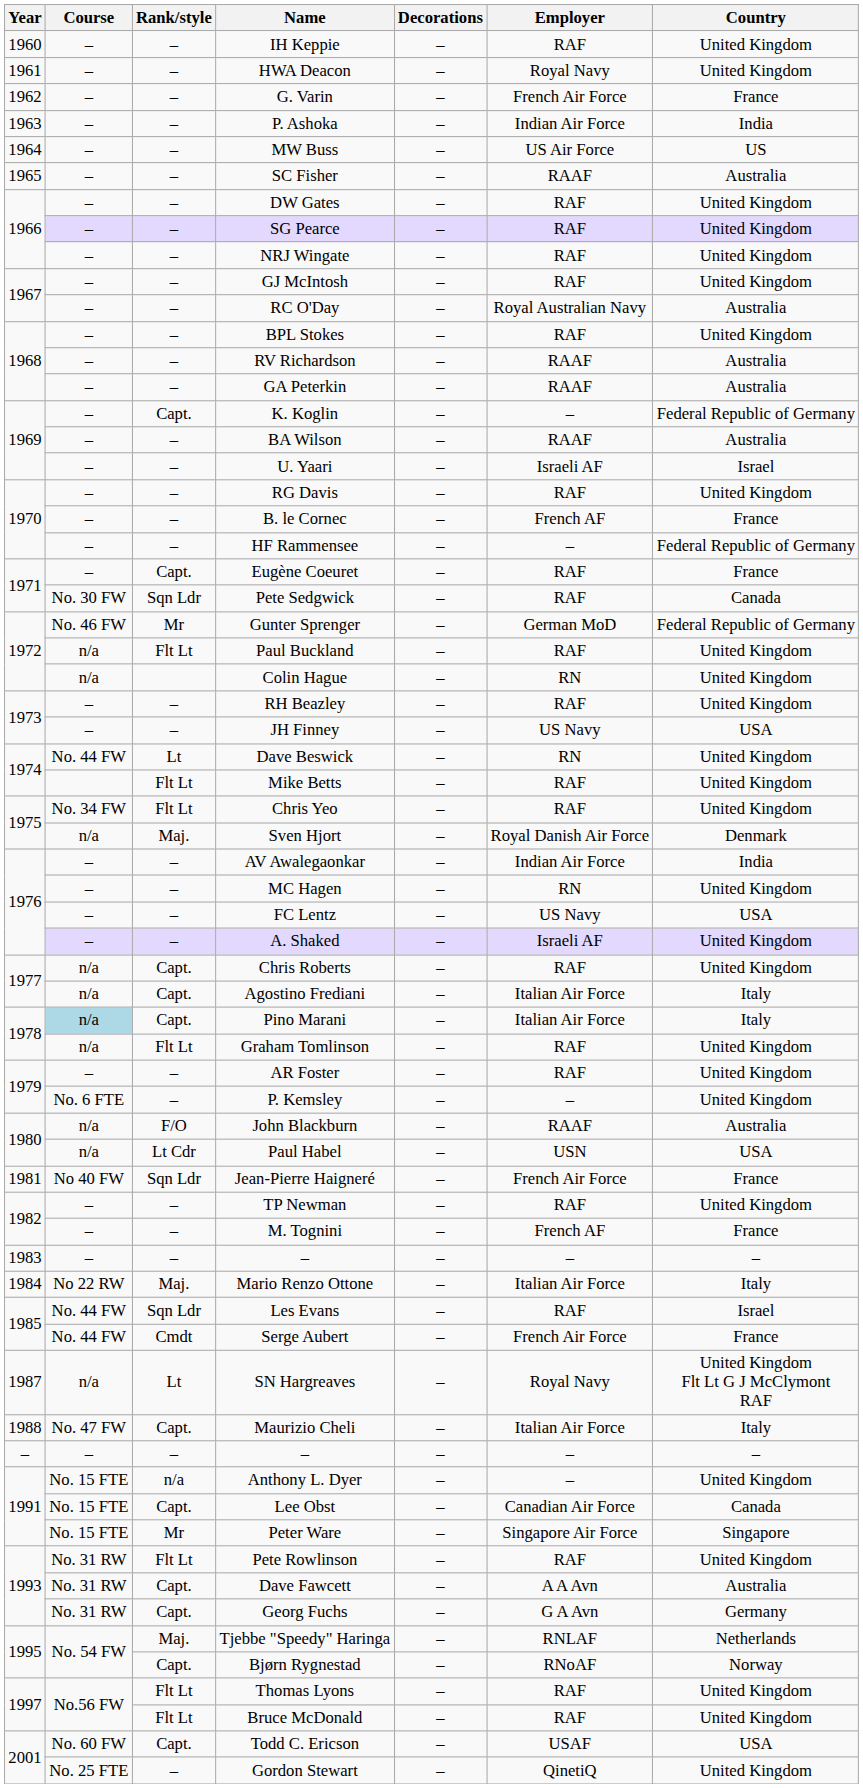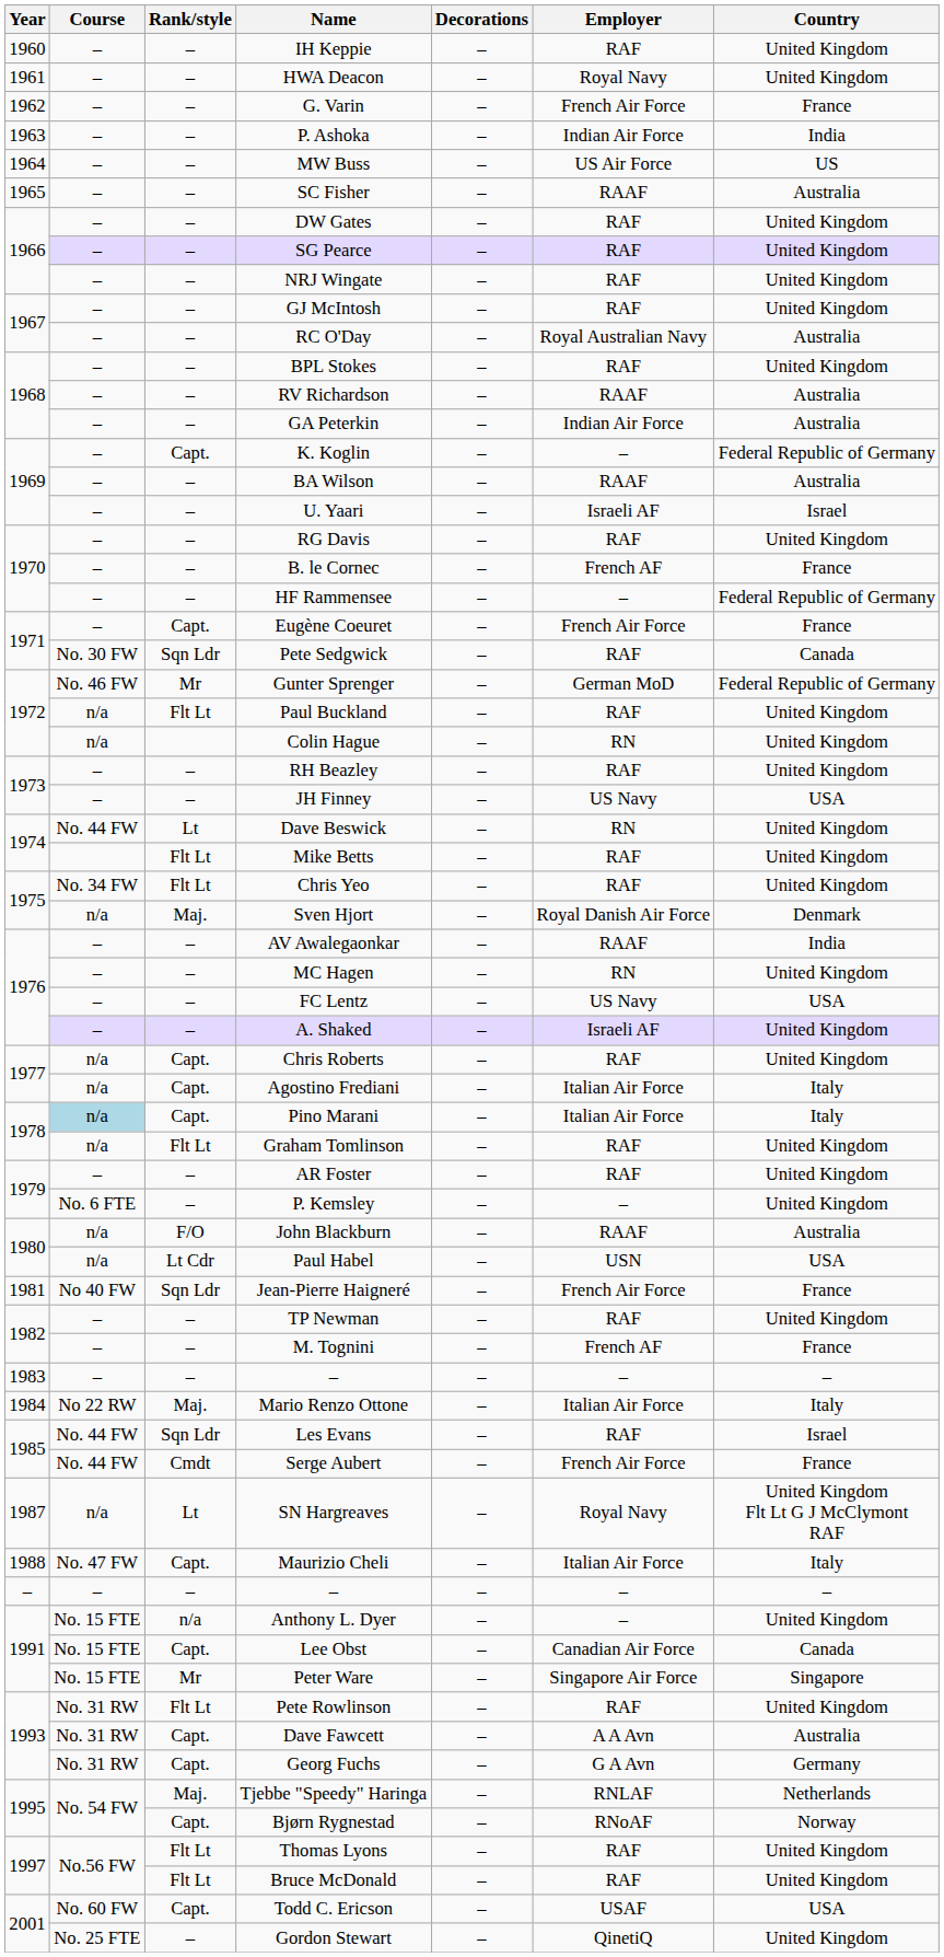 <table class="wikitable collapsible collapsed" style="text-align:center;">
 <tr>
 <th>Year</th>
 <th>Course</th>
 <th>Rank/style</th>
 <th>Name</th>
 <th>Decorations</th>
 <th>Employer</th>
 <th>Country</th>
 </tr>
 <tr>
 <td>1960</td>
 <td>–</td>
 <td>–</td>
 <td>IH Keppie</td>
 <td>–</td>
 <td>RAF</td>
 <td>United Kingdom</td>
 </tr>
 <tr>
 <td>1961</td>
 <td>–</td>
 <td>–</td>
 <td>HWA Deacon</td>
 <td>–</td>
 <td>Royal Navy</td>
 <td>United Kingdom</td>
 </tr>
 <tr>
 <td>1962</td>
 <td>–</td>
 <td>–</td>
 <td>G. Varin</td>
 <td>–</td>
 <td>French Air Force</td>
 <td>France</td>
 </tr>
 <tr>
 <td>1963</td>
 <td>–</td>
 <td>–</td>
 <td>P. Ashoka</td>
 <td>–</td>
 <td>Indian Air Force</td>
 <td>India</td>
 </tr>
 <tr>
 <td>1964</td>
 <td>–</td>
 <td>–</td>
 <td>MW Buss</td>
 <td>–</td>
 <td>US Air Force</td>
 <td>US</td>
 </tr>
 <tr>
 <td>1965</td>
 <td>–</td>
 <td>–</td>
 <td>SC Fisher</td>
 <td>–</td>
 <td>RAAF</td>
 <td>Australia</td>
 </tr>
 <tr>
 <td rowspan=3>1966</td>
 <td>–</td>
 <td>–</td>
 <td>DW Gates</td>
 <td>–</td>
 <td>RAF</td>
 <td>United Kingdom</td>
 </tr>
 <tr style="background-color:#e3d9ff;">
 <td>–</td>
 <td>–</td>
 <td>SG Pearce</td>
 <td>–</td>
 <td>RAF</td>
 <td>United Kingdom</td>
 </tr>
 <tr>
 <td>–</td>
 <td>–</td>
 <td>NRJ Wingate</td>
 <td>–</td>
 <td>RAF</td>
 <td>United Kingdom</td>
 </tr>
 <tr>
 <td rowspan=2>1967</td>
 <td>–</td>
 <td>–</td>
 <td>GJ McIntosh</td>
 <td>–</td>
 <td>RAF</td>
 <td>United Kingdom</td>
 </tr>
 <tr>
 <td>–</td>
 <td>–</td>
 <td>RC O'Day</td>
 <td>–</td>
 <td>Royal Australian Navy</td>
 <td>Australia</td>
 </tr>
 <tr>
 <td rowspan=3>1968</td>
 <td>–</td>
 <td>–</td>
 <td>BPL Stokes</td>
 <td>–</td>
 <td>RAF</td>
 <td>United Kingdom</td>
 </tr>
 <tr>
 <td>–</td>
 <td>–</td>
 <td>RV Richardson</td>
 <td>–</td>
 <td>RAAF</td>
 <td>Australia</td>
 </tr>
 <tr>
 <td>–</td>
 <td>–</td>
 <td>GA Peterkin</td>
 <td>–</td>
-<td>RAAF</td>
+<td>Indian Air Force</td>
 <td>Australia</td>
 </tr>
 <tr>
 <td rowspan=3>1969</td>
 <td>–</td>
 <td>Capt.</td>
 <td>K. Koglin</td>
 <td>–</td>
 <td>–</td>
 <td>Federal Republic of Germany</td>
 </tr>
 <tr>
 <td>–</td>
 <td>–</td>
 <td>BA Wilson</td>
 <td>–</td>
 <td>RAAF</td>
 <td>Australia</td>
 </tr>
 <tr>
 <td>–</td>
 <td>–</td>
 <td>U. Yaari</td>
 <td>–</td>
 <td>Israeli AF</td>
 <td>Israel</td>
 </tr>
 <tr>
 <td rowspan=3>1970</td>
 <td>–</td>
 <td>–</td>
 <td>RG Davis</td>
 <td>–</td>
 <td>RAF</td>
 <td>United Kingdom</td>
 </tr>
 <tr>
 <td>–</td>
 <td>–</td>
 <td>B. le Cornec</td>
 <td>–</td>
 <td>French AF</td>
 <td>France</td>
 </tr>
 <tr>
 <td>–</td>
 <td>–</td>
 <td>HF Rammensee</td>
 <td>–</td>
 <td>–</td>
 <td>Federal Republic of Germany</td>
 </tr>
 <tr>
 <td rowspan=2>1971</td>
 <td>–</td>
 <td>Capt.</td>
 <td>Eugène Coeuret</td>
 <td>–</td>
-<td>RAF</td>
+<td>French Air Force</td>
 <td>France</td>
 </tr>
 <tr>
 <td>No. 30 FW</td>
 <td>Sqn Ldr</td>
 <td>Pete Sedgwick </td>
 <td>–</td>
 <td>RAF</td>
 <td>Canada</td>
 </tr>
 <tr>
 <td rowspan=3>1972</td>
 <td>No. 46 FW</td>
 <td>Mr</td>
 <td>Gunter Sprenger</td>
 <td>–</td>
 <td>German MoD</td>
 <td>Federal Republic of Germany</td>
 </tr>
 <tr>
 <td>n/a</td>
 <td>Flt Lt</td>
 <td>Paul Buckland</td>
 <td>–</td>
 <td>RAF</td>
 <td>United Kingdom</td>
 </tr>
 <tr>
 <td>n/a</td>
 <td></td>
 <td>Colin Hague</td>
 <td>–</td>
 <td>RN</td>
 <td>United Kingdom</td>
 </tr>
 <tr>
 <td rowspan=2>1973</td>
 <td>–</td>
 <td>–</td>
 <td>RH Beazley</td>
 <td>–</td>
 <td>RAF</td>
 <td>United Kingdom</td>
 </tr>
 <tr>
 <td>–</td>
 <td>–</td>
 <td>JH Finney</td>
 <td>–</td>
 <td>US Navy</td>
 <td>USA</td>
 </tr>
 <tr>
 <td rowspan=2>1974</td>
 <td>No. 44 FW</td>
 <td>Lt</td>
 <td>Dave Beswick</td>
 <td>–</td>
 <td>RN</td>
 <td>United Kingdom</td>
 </tr>
 <tr>
 <td></td>
 <td>Flt Lt</td>
 <td>Mike Betts</td>
 <td>–</td>
 <td>RAF</td>
 <td>United Kingdom</td>
 </tr>
 <tr>
 <td rowspan=2>1975</td>
 <td>No. 34 FW</td>
 <td>Flt Lt</td>
 <td>Chris Yeo</td>
 <td>–</td>
 <td>RAF</td>
 <td>United Kingdom</td>
 </tr>
 <tr>
 <td>n/a</td>
 <td>Maj.</td>
 <td>Sven Hjort</td>
 <td>–</td>
 <td>Royal Danish Air Force</td>
 <td>Denmark</td>
 </tr>
 <tr>
 <td rowspan=4>1976</td>
 <td>–</td>
 <td>–</td>
 <td>AV Awalegaonkar</td>
 <td>–</td>
-<td>Indian Air Force</td>
+<td>RAAF</td>
 <td>India</td>
 </tr>
 <tr>
 <td>–</td>
 <td>–</td>
 <td>MC Hagen</td>
 <td>–</td>
 <td>RN</td>
 <td>United Kingdom</td>
 </tr>
 <tr>
 <td>–</td>
 <td>–</td>
 <td>FC Lentz</td>
 <td>–</td>
 <td>US Navy</td>
 <td>USA</td>
 </tr>
 <tr style="background-color:#e3d9ff;">
 <td>–</td>
 <td>–</td>
 <td>A. Shaked</td>
 <td>–</td>
 <td>Israeli AF</td>
 <td>United Kingdom</td>
 </tr>
 <tr>
 <td rowspan=2>1977</td>
 <td>n/a</td>
 <td>Capt.</td>
 <td>Chris Roberts</td>
 <td>–</td>
 <td>RAF</td>
 <td>United Kingdom</td>
 </tr>
 <tr>
 <td>n/a</td>
 <td>Capt.</td>
 <td>Agostino Frediani</td>
 <td>–</td>
 <td>Italian Air Force</td>
 <td>Italy</td>
 </tr>
 <tr>
 <td rowspan=2>1978</td>
 <td style="background: lightblue;">n/a</td>
 <td>Capt.</td>
 <td>Pino Marani</td>
 <td>–</td>
 <td>Italian Air Force</td>
 <td>Italy</td>
 </tr>
 <tr>
 <td>n/a</td>
 <td>Flt Lt</td>
 <td>Graham Tomlinson</td>
 <td>–</td>
 <td>RAF</td>
 <td>United Kingdom</td>
 </tr>
 <tr>
 <td rowspan=2>1979</td>
 <td>–</td>
 <td>–</td>
 <td>AR Foster</td>
 <td>–</td>
 <td>RAF</td>
 <td>United Kingdom</td>
 </tr>
 <tr>
 <td>No. 6 FTE</td>
 <td>–</td>
 <td>P. Kemsley</td>
 <td>–</td>
 <td>–</td>
 <td>United Kingdom</td>
 </tr>
 <tr>
 <td rowspan=2>1980</td>
 <td>n/a</td>
 <td>F/O</td>
 <td>John Blackburn</td>
 <td>–</td>
 <td>RAAF</td>
 <td>Australia</td>
 </tr>
 <tr>
 <td>n/a</td>
 <td>Lt Cdr</td>
 <td>Paul Habel</td>
 <td>–</td>
 <td>USN</td>
 <td>USA</td>
 </tr>
 <tr>
 <td>1981</td>
 <td>No 40 FW</td>
 <td>Sqn Ldr</td>
 <td>Jean-Pierre Haigneré</td>
 <td>–</td>
 <td>French Air Force</td>
 <td>France</td>
 </tr>
 <tr>
 <td rowspan=2>1982</td>
 <td>–</td>
 <td>–</td>
 <td>TP Newman</td>
 <td>–</td>
 <td>RAF</td>
 <td>United Kingdom</td>
 </tr>
 <tr>
 <td>–</td>
 <td>–</td>
 <td>M. Tognini</td>
 <td>–</td>
 <td>French AF</td>
 <td>France</td>
 </tr>
 <tr>
 <td>1983</td>
 <td>–</td>
 <td>–</td>
 <td>–</td>
 <td>–</td>
 <td>–</td>
 <td>–</td>
 </tr>
 <tr>
 <td>1984</td>
 <td>No 22 RW</td>
 <td>Maj.</td>
 <td>Mario Renzo Ottone</td>
 <td>–</td>
 <td>Italian Air Force</td>
 <td>Italy</td>
 </tr>
 <tr>
 <td rowspan=2>1985</td>
 <td>No. 44 FW</td>
 <td>Sqn Ldr</td>
 <td>Les Evans</td>
 <td>–</td>
 <td>RAF</td>
 <td>Israel</td>
 </tr>
 <tr>
 <td>No. 44 FW</td>
 <td>Cmdt</td>
 <td>Serge Aubert</td>
 <td>–</td>
 <td>French Air Force</td>
 <td>France</td>
 </tr>
 <tr>
 <td>1987</td>
 <td>n/a</td>
 <td>Lt</td>
 <td>SN Hargreaves</td>
 <td>–</td>
 <td>Royal Navy</td>
 <td>United Kingdom<br>Flt Lt G J McClymont<br>RAF</td>
 </tr>
 <tr>
 <td>1988</td>
 <td>No. 47 FW</td>
 <td>Capt.</td>
 <td>Maurizio Cheli</td>
 <td>–</td>
 <td>Italian Air Force</td>
 <td>Italy</td>
 </tr>
 <tr>
 <td>–</td>
 <td>–</td>
 <td>–</td>
 <td>–</td>
 <td>–</td>
 <td>–</td>
 <td>–</td>
 </tr>
 <tr>
 <td rowspan=3>1991</td>
 <td>No. 15 FTE</td>
 <td>n/a</td>
 <td>Anthony L. Dyer</td>
 <td>–</td>
 <td>–</td>
 <td>United Kingdom</td>
 </tr>
 <tr>
 <td>No. 15 FTE</td>
 <td>Capt.</td>
 <td>Lee Obst</td>
 <td>–</td>
 <td>Canadian Air Force</td>
 <td>Canada</td>
 </tr>
 <tr>
 <td>No. 15 FTE</td>
 <td>Mr</td>
 <td>Peter Ware</td>
 <td>–</td>
 <td>Singapore Air Force</td>
 <td>Singapore</td>
 </tr>
 <tr>
 <td rowspan=3>1993</td>
 <td>No. 31 RW</td>
 <td>Flt Lt</td>
 <td>Pete Rowlinson</td>
 <td>–</td>
 <td>RAF</td>
 <td>United Kingdom</td>
 </tr>
 <tr>
 <td>No. 31 RW</td>
 <td>Capt.</td>
 <td>Dave Fawcett</td>
 <td>–</td>
 <td>A A Avn</td>
 <td>Australia</td>
 </tr>
 <tr>
 <td>No. 31 RW</td>
 <td>Capt.</td>
 <td>Georg Fuchs</td>
 <td>–</td>
 <td>G A Avn</td>
 <td>Germany</td>
 </tr>
 <tr>
 <td rowspan=2>1995</td>
 <td rowspan=2>No. 54 FW</td>
 <td>Maj.</td>
 <td>Tjebbe "Speedy" Haringa</td>
 <td>–</td>
 <td>RNLAF</td>
 <td>Netherlands</td>
 </tr>
 <tr>
 <td>Capt.</td>
 <td>Bjørn Rygnestad</td>
 <td>–</td>
 <td>RNoAF</td>
 <td>Norway</td>
 </tr>
 <tr>
 <td rowspan=2>1997</td>
 <td rowspan=2>No.56 FW</td>
 <td>Flt Lt</td>
 <td>Thomas Lyons</td>
 <td>–</td>
 <td>RAF</td>
 <td>United Kingdom</td>
 </tr>
 <tr>
 <td>Flt Lt</td>
 <td>Bruce McDonald</td>
 <td>–</td>
 <td>RAF</td>
 <td>United Kingdom</td>
 </tr>
 <tr>
 <td rowspan=2>2001</td>
 <td>No. 60 FW</td>
 <td>Capt.</td>
 <td>Todd C. Ericson</td>
 <td>–</td>
 <td>USAF</td>
 <td>USA</td>
 </tr>
 <tr>
 <td>No. 25 FTE</td>
 <td>–</td>
 <td>Gordon Stewart</td>
 <td>–</td>
 <td>QinetiQ</td>
 <td>United Kingdom</td>
 </tr>
 </table>
